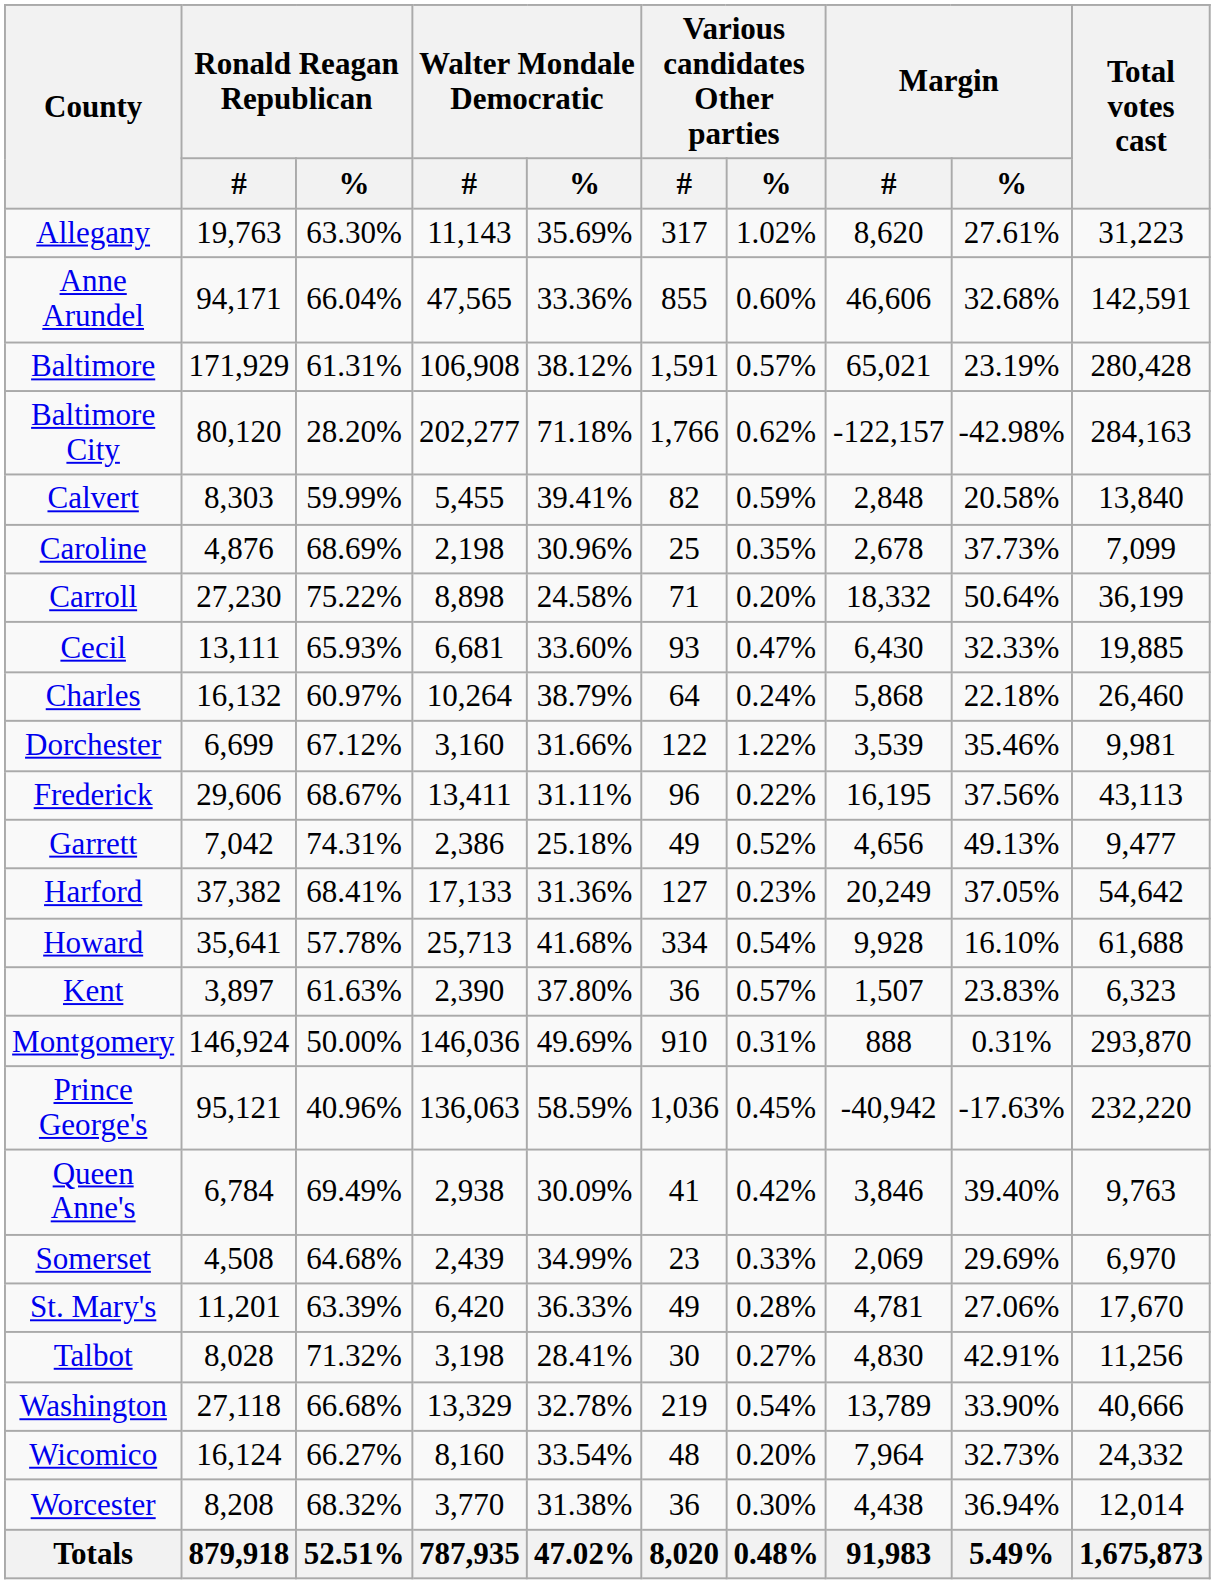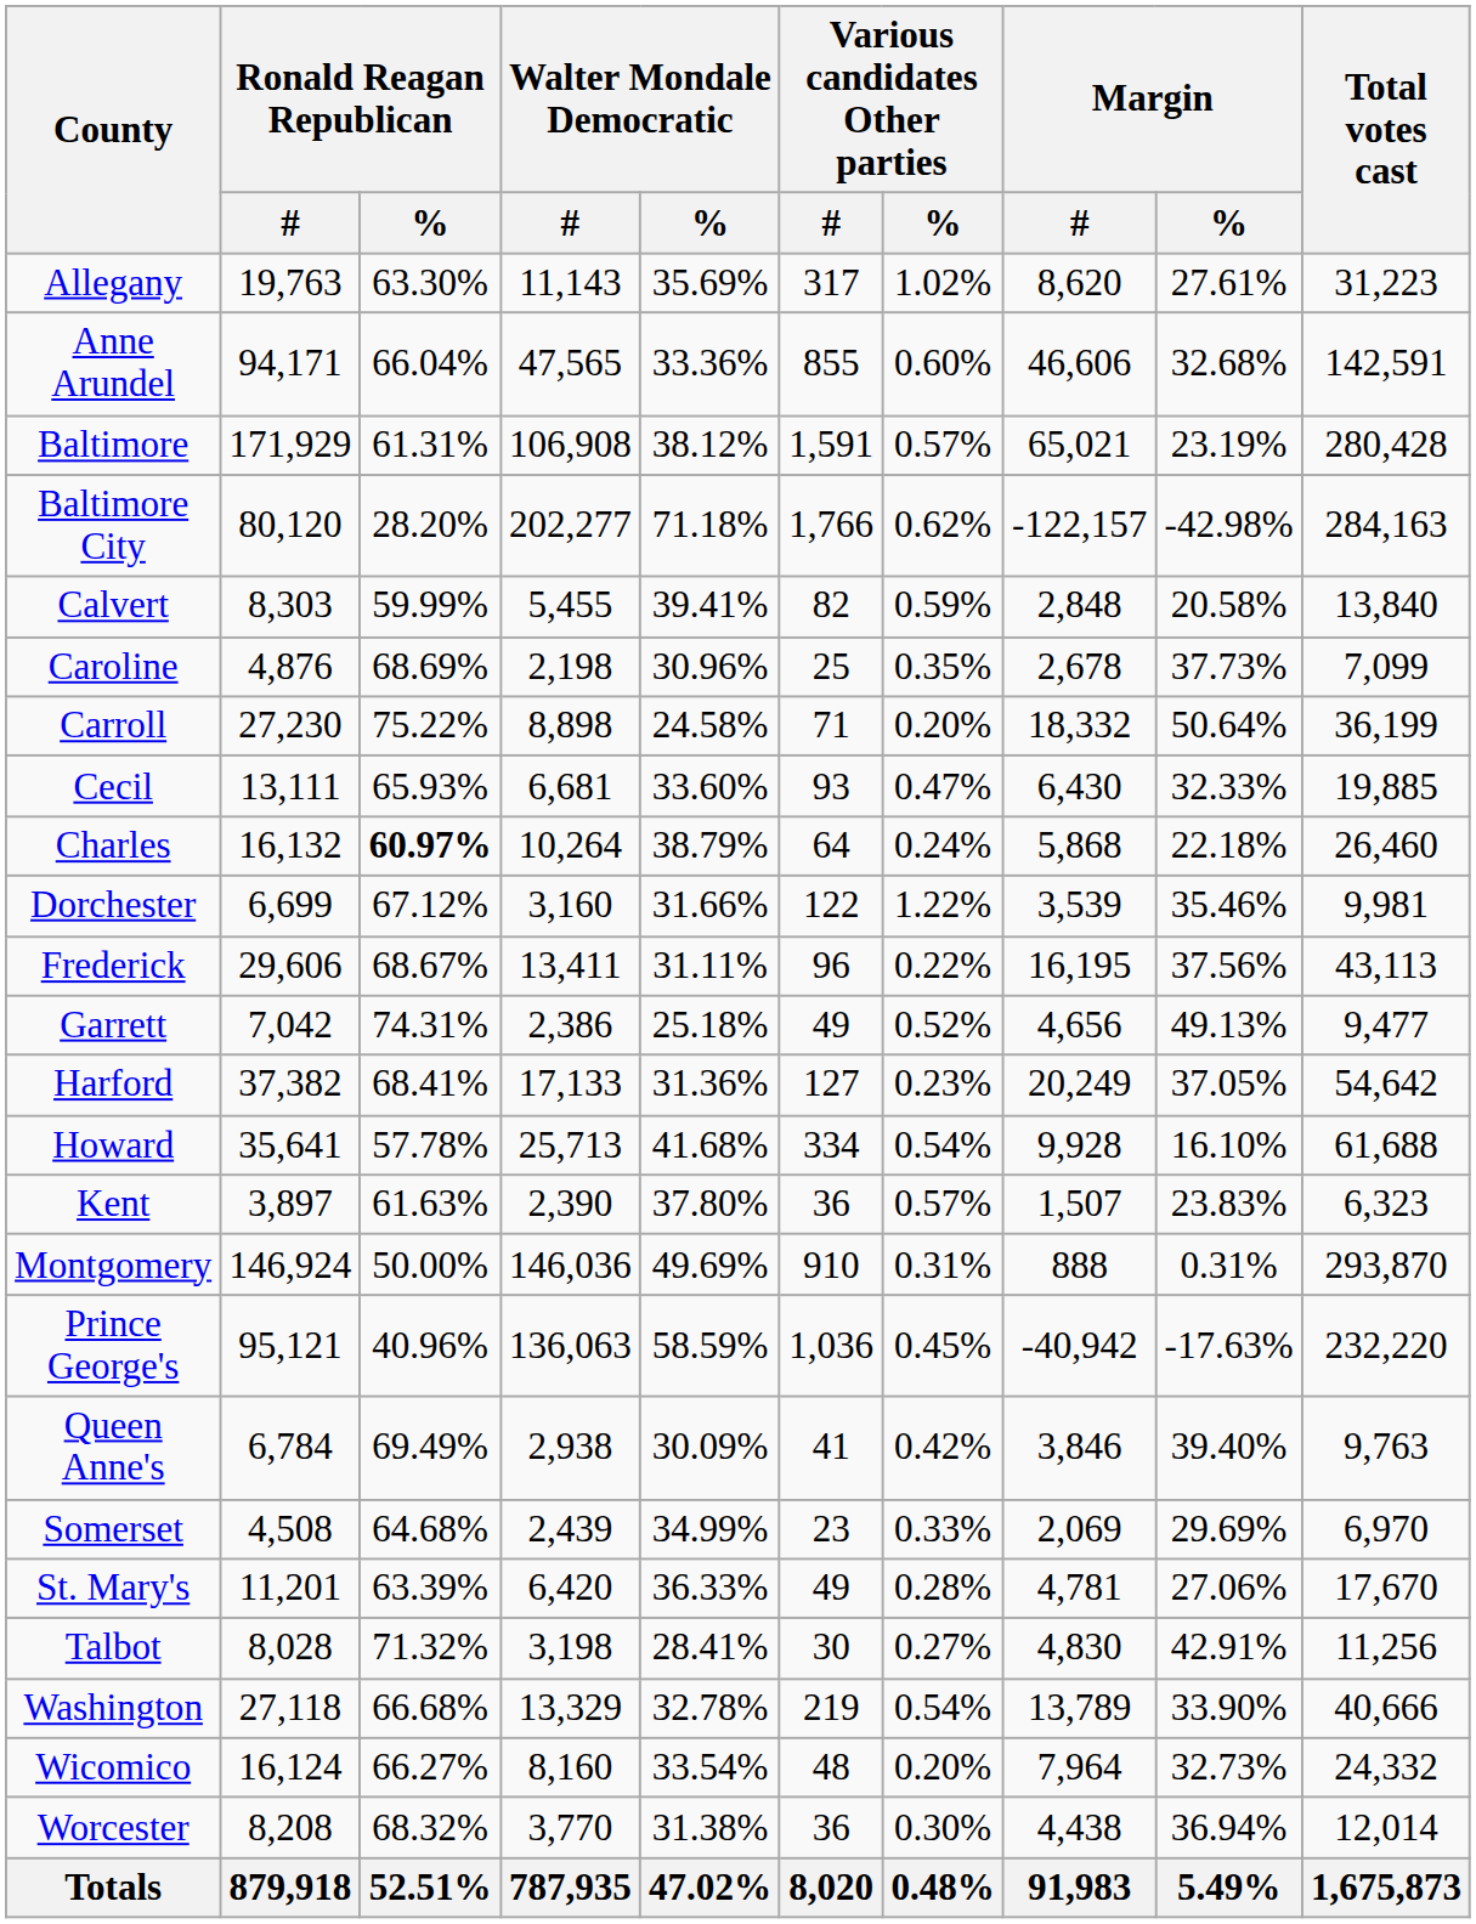 <table width="60%"  class="wikitable sortable" style="text-align:center">
 <tr>
 <th style="text-align:center;" rowspan="2">County</th>
 <th style="text-align:center;" colspan="2">Ronald Reagan<br>Republican</th>
 <th style="text-align:center;" colspan="2">Walter Mondale<br>Democratic</th>
 <th style="text-align:center;" colspan="2">Various candidates<br>Other parties</th>
 <th style="text-align:center;" colspan="2">Margin</th>
 <th style="text-align:center;" rowspan="2">Total votes cast</th>
 </tr>
 <tr>
 <th style="text-align:center;" data-sort-type="number">#</th>
 <th style="text-align:center;" data-sort-type="number">%</th>
 <th style="text-align:center;" data-sort-type="number">#</th>
 <th style="text-align:center;" data-sort-type="number">%</th>
 <th style="text-align:center;" data-sort-type="number">#</th>
 <th style="text-align:center;" data-sort-type="number">%</th>
 <th style="text-align:center;" data-sort-type="number">#</th>
 <th style="text-align:center;" data-sort-type="number">%</th>
 </tr>
 <tr style="text-align:center;">
 <td><a href='#'>Allegany</a></td>
 <td>19,763</td>
 <td>63.30%</td>
 <td>11,143</td>
 <td>35.69%</td>
 <td>317</td>
 <td>1.02%</td>
 <td>8,620</td>
 <td>27.61%</td>
 <td>31,223</td>
 </tr>
 <tr style="text-align:center;">
 <td><a href='#'>Anne Arundel</a></td>
 <td>94,171</td>
 <td>66.04%</td>
 <td>47,565</td>
 <td>33.36%</td>
 <td>855</td>
 <td>0.60%</td>
 <td>46,606</td>
 <td>32.68%</td>
 <td>142,591</td>
 </tr>
 <tr style="text-align:center;">
 <td><a href='#'>Baltimore</a></td>
 <td>171,929</td>
 <td>61.31%</td>
 <td>106,908</td>
 <td>38.12%</td>
 <td>1,591</td>
 <td>0.57%</td>
 <td>65,021</td>
 <td>23.19%</td>
 <td>280,428</td>
 </tr>
 <tr style="text-align:center;">
 <td><a href='#'>Baltimore City</a></td>
 <td>80,120</td>
 <td>28.20%</td>
 <td>202,277</td>
 <td>71.18%</td>
 <td>1,766</td>
 <td>0.62%</td>
 <td>-122,157</td>
 <td>-42.98%</td>
 <td>284,163</td>
 </tr>
 <tr style="text-align:center;">
 <td><a href='#'>Calvert</a></td>
 <td>8,303</td>
 <td>59.99%</td>
 <td>5,455</td>
 <td>39.41%</td>
 <td>82</td>
 <td>0.59%</td>
 <td>2,848</td>
 <td>20.58%</td>
 <td>13,840</td>
 </tr>
 <tr style="text-align:center;">
 <td><a href='#'>Caroline</a></td>
 <td>4,876</td>
 <td>68.69%</td>
 <td>2,198</td>
 <td>30.96%</td>
 <td>25</td>
 <td>0.35%</td>
 <td>2,678</td>
 <td>37.73%</td>
 <td>7,099</td>
 </tr>
 <tr style="text-align:center;">
 <td><a href='#'>Carroll</a></td>
 <td>27,230</td>
 <td>75.22%</td>
 <td>8,898</td>
 <td>24.58%</td>
 <td>71</td>
 <td>0.20%</td>
 <td>18,332</td>
 <td>50.64%</td>
 <td>36,199</td>
 </tr>
 <tr style="text-align:center;">
 <td><a href='#'>Cecil</a></td>
 <td>13,111</td>
 <td>65.93%</td>
 <td>6,681</td>
 <td>33.60%</td>
 <td>93</td>
 <td>0.47%</td>
 <td>6,430</td>
 <td>32.33%</td>
 <td>19,885</td>
 </tr>
 <tr style="text-align:center;">
 <td><a href='#'>Charles</a></td>
 <td>16,132</td>
-<td>60.97%</td>
+<td><strong>60.97%</strong></td>
 <td>10,264</td>
 <td>38.79%</td>
 <td>64</td>
 <td>0.24%</td>
 <td>5,868</td>
 <td>22.18%</td>
 <td>26,460</td>
 </tr>
 <tr style="text-align:center;">
 <td><a href='#'>Dorchester</a></td>
 <td>6,699</td>
 <td>67.12%</td>
 <td>3,160</td>
 <td>31.66%</td>
 <td>122</td>
 <td>1.22%</td>
 <td>3,539</td>
 <td>35.46%</td>
 <td>9,981</td>
 </tr>
 <tr style="text-align:center;">
 <td><a href='#'>Frederick</a></td>
 <td>29,606</td>
 <td>68.67%</td>
 <td>13,411</td>
 <td>31.11%</td>
 <td>96</td>
 <td>0.22%</td>
 <td>16,195</td>
 <td>37.56%</td>
 <td>43,113</td>
 </tr>
 <tr style="text-align:center;">
 <td><a href='#'>Garrett</a></td>
 <td>7,042</td>
 <td>74.31%</td>
 <td>2,386</td>
 <td>25.18%</td>
 <td>49</td>
 <td>0.52%</td>
 <td>4,656</td>
 <td>49.13%</td>
 <td>9,477</td>
 </tr>
 <tr style="text-align:center;">
 <td><a href='#'>Harford</a></td>
 <td>37,382</td>
 <td>68.41%</td>
 <td>17,133</td>
 <td>31.36%</td>
 <td>127</td>
 <td>0.23%</td>
 <td>20,249</td>
 <td>37.05%</td>
 <td>54,642</td>
 </tr>
 <tr style="text-align:center;">
 <td><a href='#'>Howard</a></td>
 <td>35,641</td>
 <td>57.78%</td>
 <td>25,713</td>
 <td>41.68%</td>
 <td>334</td>
 <td>0.54%</td>
 <td>9,928</td>
 <td>16.10%</td>
 <td>61,688</td>
 </tr>
 <tr style="text-align:center;">
 <td><a href='#'>Kent</a></td>
 <td>3,897</td>
 <td>61.63%</td>
 <td>2,390</td>
 <td>37.80%</td>
 <td>36</td>
 <td>0.57%</td>
 <td>1,507</td>
 <td>23.83%</td>
 <td>6,323</td>
 </tr>
 <tr style="text-align:center;">
 <td><a href='#'>Montgomery</a></td>
 <td>146,924</td>
 <td>50.00%</td>
 <td>146,036</td>
 <td>49.69%</td>
 <td>910</td>
 <td>0.31%</td>
 <td>888</td>
 <td>0.31%</td>
 <td>293,870</td>
 </tr>
 <tr style="text-align:center;">
 <td><a href='#'>Prince George's</a></td>
 <td>95,121</td>
 <td>40.96%</td>
 <td>136,063</td>
 <td>58.59%</td>
 <td>1,036</td>
 <td>0.45%</td>
 <td>-40,942</td>
 <td>-17.63%</td>
 <td>232,220</td>
 </tr>
 <tr style="text-align:center;">
 <td><a href='#'>Queen Anne's</a></td>
 <td>6,784</td>
 <td>69.49%</td>
 <td>2,938</td>
 <td>30.09%</td>
 <td>41</td>
 <td>0.42%</td>
 <td>3,846</td>
 <td>39.40%</td>
 <td>9,763</td>
 </tr>
 <tr style="text-align:center;">
 <td><a href='#'>Somerset</a></td>
 <td>4,508</td>
 <td>64.68%</td>
 <td>2,439</td>
 <td>34.99%</td>
 <td>23</td>
 <td>0.33%</td>
 <td>2,069</td>
 <td>29.69%</td>
 <td>6,970</td>
 </tr>
 <tr style="text-align:center;">
 <td><a href='#'>St. Mary's</a></td>
 <td>11,201</td>
 <td>63.39%</td>
 <td>6,420</td>
 <td>36.33%</td>
 <td>49</td>
 <td>0.28%</td>
 <td>4,781</td>
 <td>27.06%</td>
 <td>17,670</td>
 </tr>
 <tr style="text-align:center;">
 <td><a href='#'>Talbot</a></td>
 <td>8,028</td>
 <td>71.32%</td>
 <td>3,198</td>
 <td>28.41%</td>
 <td>30</td>
 <td>0.27%</td>
 <td>4,830</td>
 <td>42.91%</td>
 <td>11,256</td>
 </tr>
 <tr style="text-align:center;">
 <td><a href='#'>Washington</a></td>
 <td>27,118</td>
 <td>66.68%</td>
 <td>13,329</td>
 <td>32.78%</td>
 <td>219</td>
 <td>0.54%</td>
 <td>13,789</td>
 <td>33.90%</td>
 <td>40,666</td>
 </tr>
 <tr style="text-align:center;">
 <td><a href='#'>Wicomico</a></td>
 <td>16,124</td>
 <td>66.27%</td>
 <td>8,160</td>
 <td>33.54%</td>
 <td>48</td>
 <td>0.20%</td>
 <td>7,964</td>
 <td>32.73%</td>
 <td>24,332</td>
 </tr>
 <tr style="text-align:center;">
 <td><a href='#'>Worcester</a></td>
 <td>8,208</td>
 <td>68.32%</td>
 <td>3,770</td>
 <td>31.38%</td>
 <td>36</td>
 <td>0.30%</td>
 <td>4,438</td>
 <td>36.94%</td>
 <td>12,014</td>
 </tr>
 <tr style="text-align:center;">
 <th>Totals</th>
 <th>879,918</th>
 <th>52.51%</th>
 <th>787,935</th>
 <th>47.02%</th>
 <th>8,020</th>
 <th>0.48%</th>
 <th>91,983</th>
 <th>5.49%</th>
 <th>1,675,873</th>
 </tr>
 </table>
